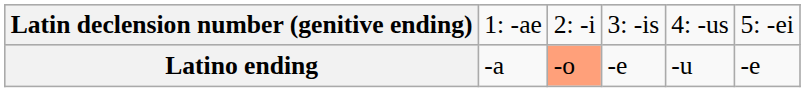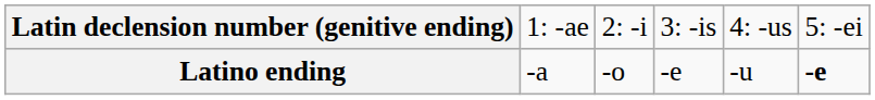 <table class="wikitable">
 <tr>
 <th>Latin declension number (genitive ending)</th>
 <td>1: -ae</td>
 <td>2: -i</td>
 <td>3: -is</td>
 <td>4: -us</td>
 <td>5: -ei</td>
 </tr>
 <tr>
 <th>Latino ending</th>
 <td>-a</td>
-<td style="background: lightsalmon;">-o</td>
+<td>-o</td>
 <td>-e</td>
 <td>-u</td>
-<td>-e</td>
+<td><strong>-e</strong></td>
 </tr>
 </table>
